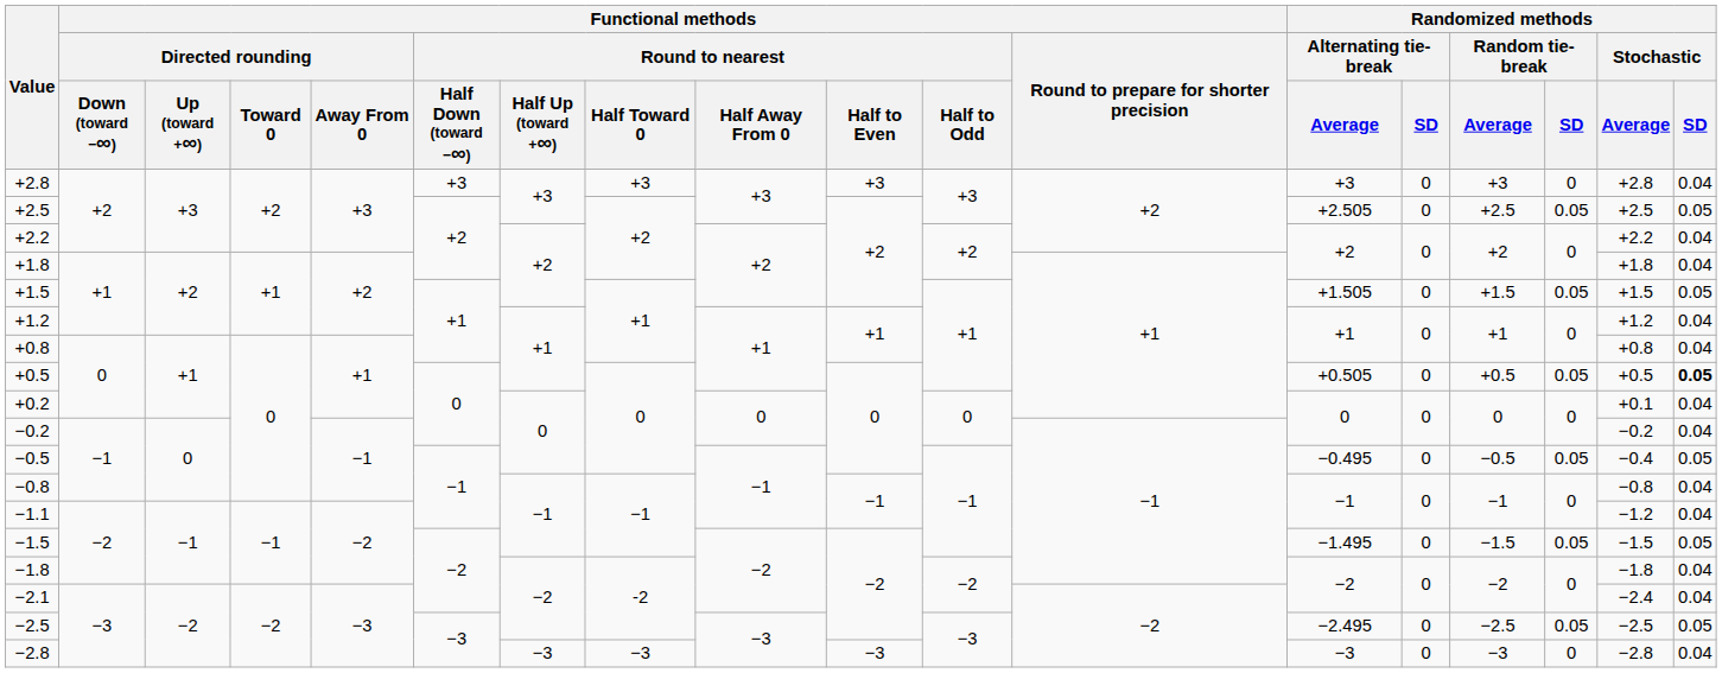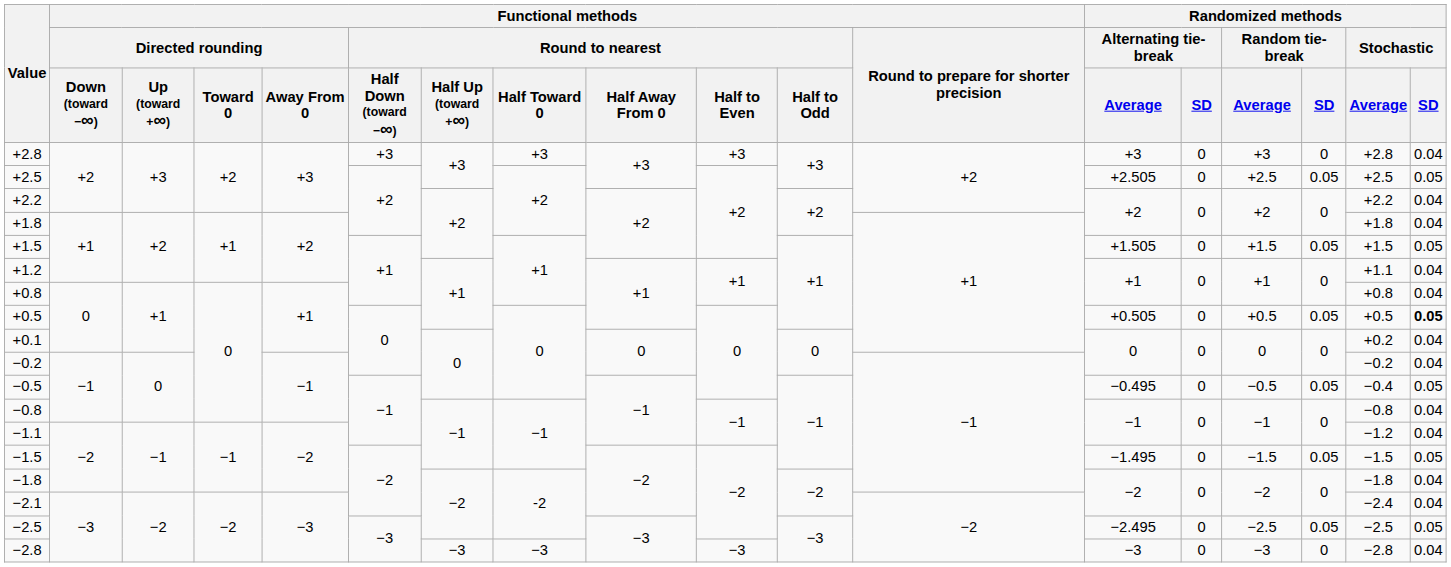 <table class="wikitable" style="text-align:center; border-width:0;">
 <tr>
 <th rowspan="3">Value</th>
 <th colspan="11">Functional methods</th>
 <th colspan="6">Randomized methods</th>
 </tr>
 <tr>
 <th colspan="4">Directed rounding</th>
 <th colspan="6">Round to nearest</th>
 <th rowspan="2">Round to prepare for shorter precision</th>
 <th colspan="2">Alternating tie-break</th>
 <th colspan="2">Random tie-break</th>
 <th colspan="2">Stochastic</th>
 </tr>
 <tr style="line-height:110%;">
 <th>Down<br><small>(toward −<big><big>∞</big></big>)</small></th>
 <th>Up<br><small>(toward +<big><big>∞</big></big>)</small></th>
 <th>Toward 0</th>
 <th>Away From 0</th>
 <th>Half Down<br><small>(toward −<big><big>∞</big></big>)</small></th>
 <th>Half Up<br><small>(toward +<big><big>∞</big></big>)</small></th>
 <th>Half Toward 0</th>
 <th>Half Away From 0</th>
 <th>Half to Even</th>
 <th>Half to Odd</th>
 <th><a href='#'>Average</a></th>
 <th><a href='#'>SD</a></th>
 <th><a href='#'>Average</a></th>
 <th><a href='#'>SD</a></th>
 <th><a href='#'>Average</a></th>
 <th><a href='#'>SD</a></th>
 </tr>
 <tr>
 <td>+2.8</td>
 <td rowspan="3">+2</td>
 <td rowspan="3">+3</td>
 <td rowspan="3">+2</td>
 <td rowspan="3">+3</td>
 <td>+3</td>
 <td rowspan="2">+3</td>
 <td>+3</td>
 <td rowspan="2">+3</td>
 <td>+3</td>
 <td rowspan="2">+3</td>
 <td rowspan="3">+2</td>
 <td>+3</td>
 <td>0</td>
 <td>+3</td>
 <td>0</td>
 <td>+2.8</td>
 <td>0.04</td>
 </tr>
 <tr>
 <td>+2.5</td>
 <td rowspan="3">+2</td>
 <td rowspan="3">+2</td>
 <td rowspan="4">+2</td>
 <td>+2.505</td>
 <td>0</td>
 <td>+2.5</td>
 <td>0.05</td>
 <td>+2.5</td>
 <td>0.05</td>
 </tr>
 <tr>
 <td>+2.2</td>
 <td rowspan="3">+2</td>
 <td rowspan="3">+2</td>
 <td rowspan="2">+2</td>
 <td rowspan="2">+2</td>
 <td rowspan="2">0</td>
 <td rowspan="2">+2</td>
 <td rowspan="2">0</td>
 <td>+2.2</td>
 <td>0.04</td>
 </tr>
 <tr>
 <td>+1.8</td>
 <td rowspan="3">+1</td>
 <td rowspan="3">+2</td>
 <td rowspan="3">+1</td>
 <td rowspan="3">+2</td>
 <td rowspan="6">+1</td>
 <td>+1.8</td>
 <td>0.04</td>
 </tr>
 <tr>
 <td>+1.5</td>
 <td rowspan="3">+1</td>
 <td rowspan="3">+1</td>
 <td rowspan="4">+1</td>
 <td>+1.505</td>
 <td>0</td>
 <td>+1.5</td>
 <td>0.05</td>
 <td>+1.5</td>
 <td>0.05</td>
 </tr>
 <tr>
 <td>+1.2</td>
 <td rowspan="3">+1</td>
 <td rowspan="3">+1</td>
 <td rowspan="2">+1</td>
 <td rowspan="2">+1</td>
 <td rowspan="2">0</td>
 <td rowspan="2">+1</td>
 <td rowspan="2">0</td>
-<td>+1.2</td>
+<td>+1.1</td>
 <td>0.04</td>
 </tr>
 <tr>
 <td>+0.8</td>
 <td rowspan="3">0</td>
 <td rowspan="3">+1</td>
 <td rowspan="6">0</td>
 <td rowspan="3">+1</td>
 <td>+0.8</td>
 <td>0.04</td>
 </tr>
 <tr>
 <td>+0.5</td>
 <td rowspan="3">0</td>
 <td rowspan="4">0</td>
 <td rowspan="4">0</td>
 <td>+0.505</td>
 <td>0</td>
 <td>+0.5</td>
 <td>0.05</td>
 <td>+0.5</td>
 <td><strong>0.05</strong></td>
 </tr>
 <tr>
-<td>+0.2</td>
+<td>+0.1</td>
 <td rowspan="3">0</td>
 <td rowspan="2">0</td>
 <td rowspan="2">0</td>
 <td rowspan="2">0</td>
 <td rowspan="2">0</td>
 <td rowspan="2">0</td>
 <td rowspan="2">0</td>
-<td>+0.1</td>
+<td>+0.2</td>
 <td>0.04</td>
 </tr>
 <tr>
 <td>−0.2</td>
 <td rowspan="3">−1</td>
 <td rowspan="3">0</td>
 <td rowspan="3">−1</td>
 <td rowspan="6">−1</td>
 <td>−0.2</td>
 <td>0.04</td>
 </tr>
 <tr>
 <td>−0.5</td>
 <td rowspan="3">−1</td>
 <td rowspan="3">−1</td>
 <td rowspan="4">−1</td>
 <td>−0.495</td>
 <td>0</td>
 <td>−0.5</td>
 <td>0.05</td>
 <td>−0.4</td>
 <td>0.05</td>
 </tr>
 <tr>
 <td>−0.8</td>
 <td rowspan="3">−1</td>
 <td rowspan="3">−1</td>
 <td rowspan="2">−1</td>
 <td rowspan="2">−1</td>
 <td rowspan="2">0</td>
 <td rowspan="2">−1</td>
 <td rowspan="2">0</td>
 <td>−0.8</td>
 <td>0.04</td>
 </tr>
 <tr>
 <td>−1.1</td>
 <td rowspan="3">−2</td>
 <td rowspan="3">−1</td>
 <td rowspan="3">−1</td>
 <td rowspan="3">−2</td>
 <td>−1.2</td>
 <td>0.04</td>
 </tr>
 <tr>
 <td>−1.5</td>
 <td rowspan="3">−2</td>
 <td rowspan="3">−2</td>
 <td rowspan="4">−2</td>
 <td>−1.495</td>
 <td>0</td>
 <td>−1.5</td>
 <td>0.05</td>
 <td>−1.5</td>
 <td>0.05</td>
 </tr>
 <tr>
 <td>−1.8</td>
 <td rowspan="3">−2</td>
 <td rowspan="3">-2</td>
 <td rowspan="2">−2</td>
 <td rowspan="2">−2</td>
 <td rowspan="2">0</td>
 <td rowspan="2">−2</td>
 <td rowspan="2">0</td>
 <td>−1.8</td>
 <td>0.04</td>
 </tr>
 <tr>
 <td>−2.1</td>
 <td rowspan="3">−3</td>
 <td rowspan="3">−2</td>
 <td rowspan="3">−2</td>
 <td rowspan="3">−3</td>
 <td rowspan="3">−2</td>
 <td>−2.4</td>
 <td>0.04</td>
 </tr>
 <tr>
 <td>−2.5</td>
 <td rowspan="2">−3</td>
 <td rowspan="2">−3</td>
 <td rowspan="2">−3</td>
 <td>−2.495</td>
 <td>0</td>
 <td>−2.5</td>
 <td>0.05</td>
 <td>−2.5</td>
 <td>0.05</td>
 </tr>
 <tr>
 <td>−2.8</td>
 <td>−3</td>
 <td>−3</td>
 <td>−3</td>
 <td>−3</td>
 <td>0</td>
 <td>−3</td>
 <td>0</td>
 <td>−2.8</td>
 <td>0.04</td>
 </tr>
 </table>
